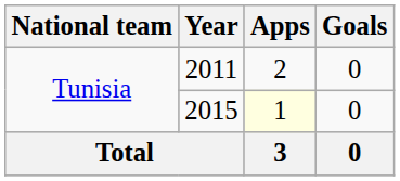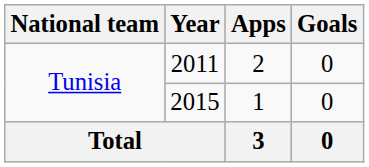 <table class="wikitable" style="text-align:center">
 <tr>
 <th>National team</th>
 <th>Year</th>
 <th>Apps</th>
 <th>Goals</th>
 </tr>
 <tr>
 <td rowspan="2"><a href='#'>Tunisia</a></td>
 <td>2011</td>
 <td>2</td>
 <td>0</td>
 </tr>
 <tr>
 <td>2015</td>
-<td style="background: lightyellow;">1</td>
+<td>1</td>
 <td>0</td>
 </tr>
 <tr>
 <th colspan=2>Total</th>
 <th>3</th>
 <th>0</th>
 </tr>
 </table>
